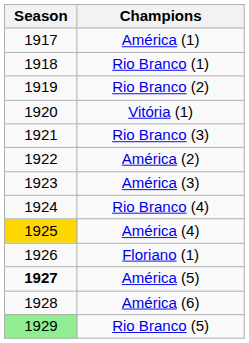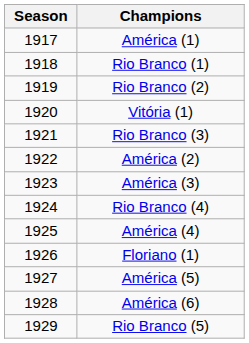 <table class="wikitable" style="text-align:center; margin-left:1em;">
 <tr>
 <th style="width:70px">Season</th>
 <th style="width:170px">Champions</th>
 </tr>
 <tr>
 <td>1917</td>
 <td><a href='#'>América</a> (1)</td>
 </tr>
 <tr>
 <td>1918</td>
 <td><a href='#'>Rio Branco</a> (1)</td>
 </tr>
 <tr>
 <td>1919</td>
 <td><a href='#'>Rio Branco</a> (2)</td>
 </tr>
 <tr>
 <td>1920</td>
 <td><a href='#'>Vitória</a> (1)</td>
 </tr>
 <tr>
 <td>1921</td>
 <td><a href='#'>Rio Branco</a> (3)</td>
 </tr>
 <tr>
 <td>1922</td>
 <td><a href='#'>América</a> (2)</td>
 </tr>
 <tr>
 <td>1923</td>
 <td><a href='#'>América</a> (3)</td>
 </tr>
 <tr>
 <td>1924</td>
 <td><a href='#'>Rio Branco</a> (4)</td>
 </tr>
 <tr>
-<td style="background: gold;">1925</td>
+<td>1925</td>
 <td><a href='#'>América</a> (4)</td>
 </tr>
 <tr>
 <td>1926</td>
 <td><a href='#'>Floriano</a> (1)</td>
 </tr>
 <tr>
-<td><strong>1927</strong></td>
+<td>1927</td>
 <td><a href='#'>América</a> (5)</td>
 </tr>
 <tr>
 <td>1928</td>
 <td><a href='#'>América</a> (6)</td>
 </tr>
 <tr>
-<td style="background: lightgreen;">1929</td>
+<td>1929</td>
 <td><a href='#'>Rio Branco</a> (5)</td>
 </tr>
 </table>
